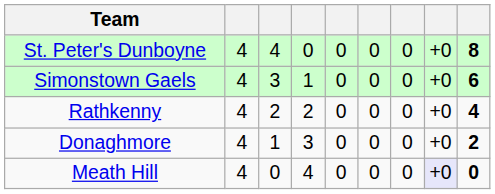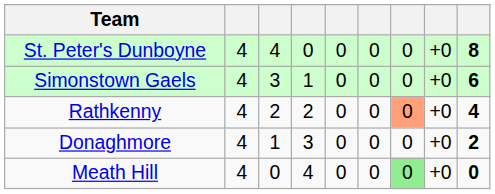 <table class="wikitable" style="text-align:center">
 <tr>
 <th width="175">Team</th>
 <th width="20"></th>
 <th width="20"></th>
 <th width="20"></th>
 <th width="20"></th>
 <th width="20"></th>
 <th width="20"></th>
 <th width="20"></th>
 <th width="20"></th>
 </tr>
 <tr style="background:#cfc;">
 <td><a href='#'>St. Peter's Dunboyne</a></td>
 <td>4</td>
 <td>4</td>
 <td>0</td>
 <td>0</td>
 <td>0</td>
 <td>0</td>
 <td>+0</td>
 <td><strong>8</strong></td>
 </tr>
 <tr style="background:#cfc;">
 <td><a href='#'>Simonstown Gaels</a></td>
 <td>4</td>
 <td>3</td>
 <td>1</td>
 <td>0</td>
 <td>0</td>
 <td>0</td>
 <td>+0</td>
 <td><strong>6</strong></td>
 </tr>
 <tr>
 <td><a href='#'>Rathkenny</a></td>
 <td>4</td>
 <td>2</td>
 <td>2</td>
 <td>0</td>
 <td>0</td>
-<td>0</td>
+<td style="background: lightsalmon;">0</td>
 <td>+0</td>
 <td><strong>4</strong></td>
 </tr>
 <tr>
 <td><a href='#'>Donaghmore</a></td>
 <td>4</td>
 <td>1</td>
 <td>3</td>
 <td>0</td>
 <td>0</td>
 <td>0</td>
 <td>+0</td>
 <td><strong>2</strong></td>
 </tr>
 <tr>
 <td><a href='#'>Meath Hill</a></td>
 <td>4</td>
 <td>0</td>
 <td>4</td>
 <td>0</td>
 <td>0</td>
-<td>0</td>
-<td style="background: lavender;">+0</td>
+<td style="background: lightgreen;">0</td>
+<td>+0</td>
 <td><strong>0</strong></td>
 </tr>
 </table>
